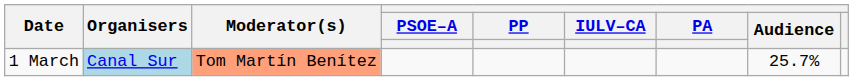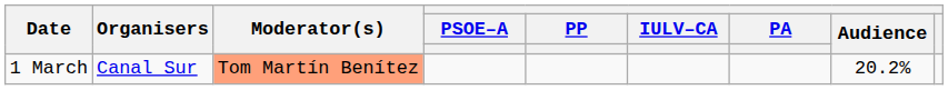 <table class="wikitable" style="text-align:center;">
 <tr>
 <th rowspan="3">Date</th>
 <th rowspan="3">Organisers</th>
 <th rowspan="3">Moderator(s)</th>
 <th colspan="6">  </th>
 </tr>
 <tr>
 <th scope="col" style="width:5em;"><a href='#'>PSOE–A</a></th>
 <th scope="col" style="width:5em;"><a href='#'>PP</a></th>
 <th scope="col" style="width:5em;"><a href='#'>IULV–CA</a></th>
 <th scope="col" style="width:5em;"><a href='#'>PA</a></th>
 <th rowspan="2" scope="col" style="width:5em;">Audience</th>
 <th rowspan="2"></th>
 </tr>
 <tr>
 <th style="color:inherit;background:"></th>
 <th style="color:inherit;background:"></th>
 <th style="color:inherit;background:"></th>
 <th style="color:inherit;background:"></th>
 </tr>
 <tr>
 <td style="white-space:nowrap; text-align:left;">1 March</td>
-<td style="background: lightblue; white-space:nowrap; text-align:left;"><a href='#'>Canal Sur</a></td>
+<td style="white-space:nowrap; text-align:left;"><a href='#'>Canal Sur</a></td>
 <td style="background: lightsalmon; white-space:nowrap; text-align:left;">Tom Martín Benítez</td>
 <td></td>
 <td></td>
 <td></td>
 <td></td>
-<td>25.7%<br></td>
+<td>20.2%<br></td>
 <td><br></td>
 </tr>
 </table>
